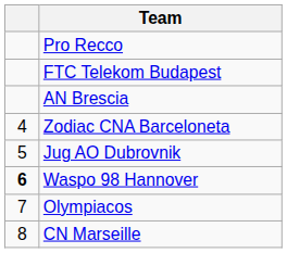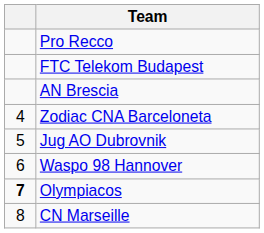 <table class="wikitable" style="text-align:center">
 <tr>
 <th width=25></th>
 <th width=220>Team</th>
 </tr>
 <tr>
 <td></td>
 <td align=left> <a href='#'>Pro Recco</a></td>
 </tr>
 <tr>
 <td></td>
 <td align=left> <a href='#'>FTC Telekom Budapest</a></td>
 </tr>
 <tr>
 <td></td>
 <td align=left> <a href='#'>AN Brescia</a></td>
 </tr>
 <tr>
 <td>4</td>
 <td align=left> <a href='#'>Zodiac CNA Barceloneta</a></td>
 </tr>
 <tr>
 <td>5</td>
 <td align=left> <a href='#'>Jug AO Dubrovnik</a></td>
 </tr>
 <tr>
-<td><strong>6</strong></td>
+<td>6</td>
 <td align=left> <a href='#'>Waspo 98 Hannover</a></td>
 </tr>
 <tr>
-<td>7</td>
+<td><strong>7</strong></td>
 <td align=left> <a href='#'>Olympiacos</a></td>
 </tr>
 <tr>
 <td>8</td>
 <td align=left> <a href='#'>CN Marseille</a></td>
 </tr>
 </table>
